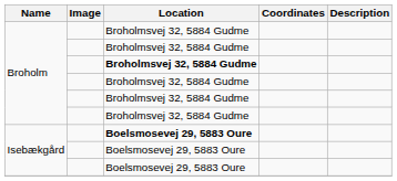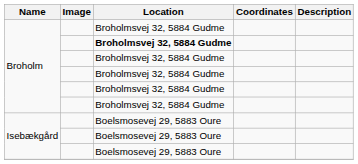 <table class="wikitable sortable">
 <tr>
 <th>Name</th>
 <th>Image</th>
 <th>Location</th>
 <th>Coordinates</th>
 <th>Description</th>
 </tr>
 <tr>
 <td rowspan="6">Broholm</td>
-<td></td>
-<td>Broholmsvej 32, 5884 Gudme</td>
-<td></td>
-<td></td>
-</tr>
-<tr>
 <td></td>
 <td>Broholmsvej 32, 5884 Gudme</td>
 <td></td>
 <td></td>
 </tr>
 <tr>
 <td></td>
 <td><strong>Broholmsvej 32, 5884 Gudme</strong></td>
 <td></td>
 <td></td>
 </tr>
 <tr>
 <td></td>
 <td>Broholmsvej 32, 5884 Gudme</td>
 <td></td>
 <td></td>
 </tr>
 <tr>
 <td></td>
 <td>Broholmsvej 32, 5884 Gudme</td>
 <td></td>
 <td></td>
 </tr>
 <tr>
 <td></td>
 <td>Broholmsvej 32, 5884 Gudme</td>
 <td></td>
 <td></td>
 </tr>
 <tr>
+<td></td>
+<td>Broholmsvej 32, 5884 Gudme</td>
+<td></td>
+<td></td>
+</tr>
+<tr>
 <td rowspan="3">Isebækgård</td>
 <td></td>
-<td><strong>Boelsmosevej 29, 5883 Oure</strong></td>
+<td>Boelsmosevej 29, 5883 Oure</td>
 <td></td>
 <td></td>
 </tr>
 <tr>
 <td></td>
 <td>Boelsmosevej 29, 5883 Oure</td>
 <td></td>
 <td></td>
 </tr>
 <tr>
 <td></td>
 <td>Boelsmosevej 29, 5883 Oure</td>
 <td></td>
 <td></td>
 </tr>
 <tr>
 </tr>
 </table>
